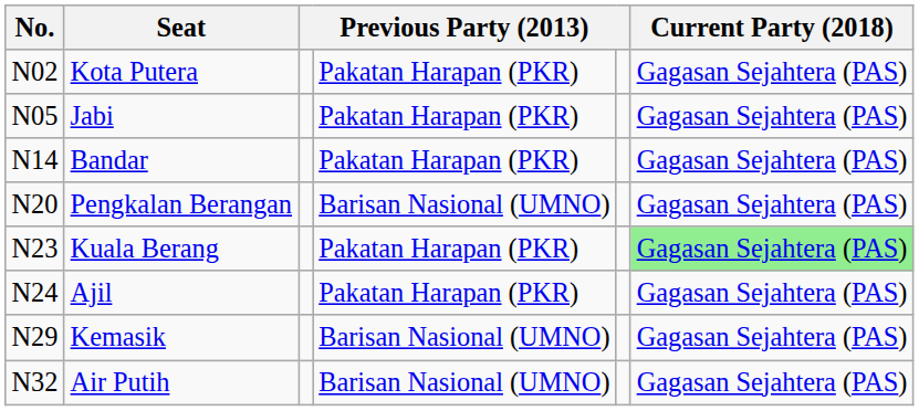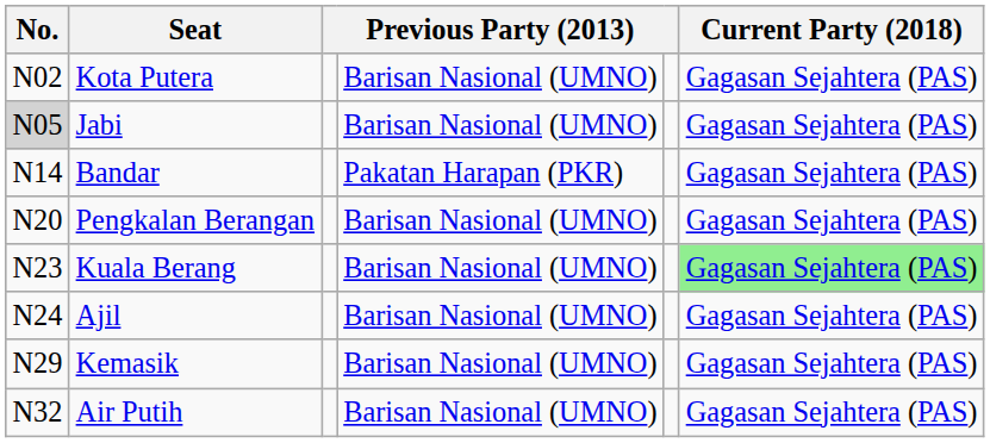 <table class="wikitable sortable" style="font-size:95%;">
 <tr>
 <th scope="col">No.</th>
 <th scope="col">Seat</th>
 <th colspan="3" scope="col">Previous Party (2013)</th>
 <th colspan="3" scope="col">Current Party (2018)</th>
 </tr>
 <tr>
 <td>N02</td>
 <td> <a href='#'>Kota Putera</a></td>
 <td width="1"></td>
-<td><a href='#'>Pakatan Harapan</a> (<a href='#'>PKR</a>)</td>
+<td><a href='#'>Barisan Nasional</a> (<a href='#'>UMNO</a>)</td>
 <td width="1"></td>
 <td><a href='#'>Gagasan Sejahtera</a> (<a href='#'>PAS</a>)</td>
 </tr>
 <tr>
-<td>N05</td>
+<td style="background: lightgrey;">N05</td>
 <td> <a href='#'>Jabi</a></td>
 <td width="1"></td>
-<td><a href='#'>Pakatan Harapan</a> (<a href='#'>PKR</a>)</td>
+<td><a href='#'>Barisan Nasional</a> (<a href='#'>UMNO</a>)</td>
 <td width="1"></td>
 <td><a href='#'>Gagasan Sejahtera</a> (<a href='#'>PAS</a>)</td>
 </tr>
 <tr>
 <td>N14</td>
 <td> <a href='#'>Bandar</a></td>
 <td width="1"></td>
 <td><a href='#'>Pakatan Harapan</a> (<a href='#'>PKR</a>)</td>
 <td width="1"></td>
 <td><a href='#'>Gagasan Sejahtera</a> (<a href='#'>PAS</a>)</td>
 </tr>
 <tr>
 <td>N20</td>
 <td> <a href='#'>Pengkalan Berangan</a></td>
 <td width="1"></td>
 <td><a href='#'>Barisan Nasional</a> (<a href='#'>UMNO</a>)</td>
 <td width="1"></td>
 <td><a href='#'>Gagasan Sejahtera</a> (<a href='#'>PAS</a>)</td>
 </tr>
 <tr>
 <td>N23</td>
 <td> <a href='#'>Kuala Berang</a></td>
 <td width="1"></td>
-<td><a href='#'>Pakatan Harapan</a> (<a href='#'>PKR</a>)</td>
+<td><a href='#'>Barisan Nasional</a> (<a href='#'>UMNO</a>)</td>
 <td width="1"></td>
 <td style="background: lightgreen;"><a href='#'>Gagasan Sejahtera</a> (<a href='#'>PAS</a>)</td>
 </tr>
 <tr>
 <td>N24</td>
 <td> <a href='#'>Ajil</a></td>
 <td width="1"></td>
-<td><a href='#'>Pakatan Harapan</a> (<a href='#'>PKR</a>)</td>
+<td><a href='#'>Barisan Nasional</a> (<a href='#'>UMNO</a>)</td>
 <td width="1"></td>
 <td><a href='#'>Gagasan Sejahtera</a> (<a href='#'>PAS</a>)</td>
 </tr>
 <tr>
 <td>N29</td>
 <td> <a href='#'>Kemasik</a></td>
 <td width="1"></td>
 <td><a href='#'>Barisan Nasional</a> (<a href='#'>UMNO</a>)</td>
 <td width="1"></td>
 <td><a href='#'>Gagasan Sejahtera</a> (<a href='#'>PAS</a>)</td>
 </tr>
 <tr>
 <td>N32</td>
 <td> <a href='#'>Air Putih</a></td>
 <td width="1"></td>
 <td><a href='#'>Barisan Nasional</a> (<a href='#'>UMNO</a>)</td>
 <td width="1"></td>
 <td><a href='#'>Gagasan Sejahtera</a> (<a href='#'>PAS</a>)</td>
 </tr>
 </table>
